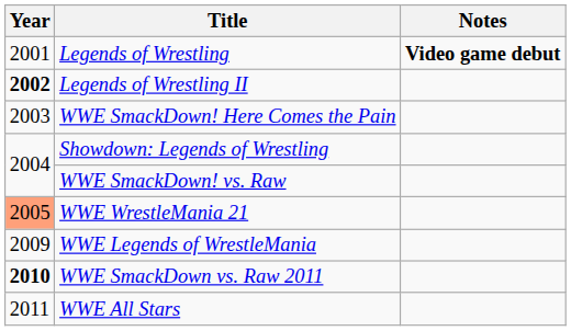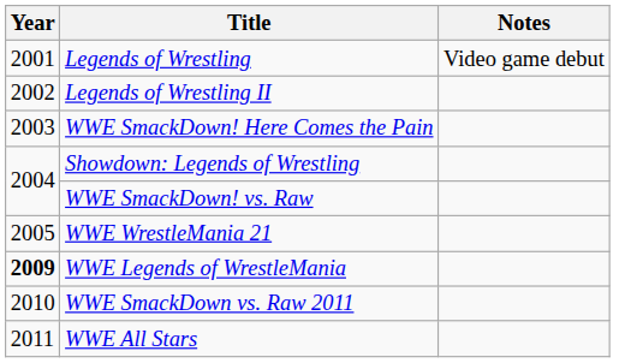 <table class="wikitable sortable">
 <tr>
 <th>Year</th>
 <th>Title</th>
 <th>Notes</th>
 </tr>
 <tr>
 <td>2001</td>
 <td><em><a href='#'>Legends of Wrestling</a></em></td>
-<td><strong>Video game debut</strong></td>
+<td>Video game debut</td>
 </tr>
 <tr>
-<td><strong>2002</strong></td>
+<td>2002</td>
 <td><em><a href='#'>Legends of Wrestling II</a></em></td>
 <td></td>
 </tr>
 <tr>
 <td>2003</td>
 <td><em><a href='#'>WWE SmackDown! Here Comes the Pain</a></em></td>
 <td></td>
 </tr>
 <tr>
 <td rowspan="2">2004</td>
 <td><em><a href='#'>Showdown: Legends of Wrestling</a></em></td>
 <td></td>
 </tr>
 <tr>
 <td><em><a href='#'>WWE SmackDown! vs. Raw</a></em></td>
 <td></td>
 </tr>
 <tr>
-<td style="background: lightsalmon;">2005</td>
+<td>2005</td>
 <td><a href='#'><em>WWE WrestleMania 21</em></a></td>
 <td></td>
 </tr>
 <tr>
-<td>2009</td>
+<td><strong>2009</strong></td>
 <td><em><a href='#'>WWE Legends of WrestleMania</a></em></td>
 <td></td>
 </tr>
 <tr>
-<td><strong>2010</strong></td>
+<td>2010</td>
 <td><em><a href='#'>WWE SmackDown vs. Raw 2011</a></em></td>
 <td></td>
 </tr>
 <tr>
 <td>2011</td>
 <td><em><a href='#'>WWE All Stars</a></em></td>
 <td></td>
 </tr>
 </table>
